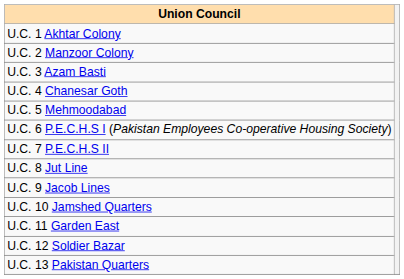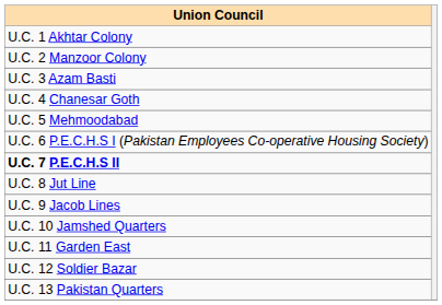 <table class="sortable wikitable" align="left">
 <tr>
 <th style="background:#ffdead;"><strong>Union Council</strong></th>
 <th rowspan=14 style="border-bottom:1px solid grey;" valign="top" class="unsortable"><br><br></th>
 </tr>
 <tr>
 <td style="border-bottom:1px solid grey;">U.C. 1 <a href='#'>Akhtar Colony</a></td>
 </tr>
 <tr>
 <td style="border-bottom:1px solid grey;">U.C. 2 <a href='#'>Manzoor Colony</a></td>
 </tr>
 <tr>
 <td style="border-bottom:1px solid grey;">U.C. 3 <a href='#'>Azam Basti</a></td>
 </tr>
 <tr>
 <td style="border-bottom:1px solid grey;">U.C. 4 <a href='#'>Chanesar Goth</a></td>
 </tr>
 <tr>
 <td style="border-bottom:1px solid grey;">U.C. 5 <a href='#'>Mehmoodabad</a></td>
 </tr>
 <tr>
 <td style="border-bottom:1px solid grey;">U.C. 6 <a href='#'>P.E.C.H.S I</a> (<em>Pakistan Employees Co-operative Housing Society</em>)</td>
 </tr>
 <tr>
-<td style="border-bottom:1px solid grey;">U.C. 7 <a href='#'>P.E.C.H.S II</a></td>
+<td style="border-bottom:1px solid grey;"><strong>U.C. 7 <a href='#'>P.E.C.H.S II</a></strong></td>
 </tr>
 <tr>
 <td style="border-bottom:1px solid grey;">U.C. 8 <a href='#'>Jut Line</a></td>
 </tr>
 <tr>
 <td style="border-bottom:1px solid grey;">U.C. 9 <a href='#'>Jacob Lines</a></td>
 </tr>
 <tr>
 <td style="border-bottom:1px solid grey;">U.C. 10 <a href='#'>Jamshed Quarters</a></td>
 </tr>
 <tr>
 <td style="border-bottom:1px solid grey;">U.C. 11 <a href='#'>Garden East</a></td>
 </tr>
 <tr>
 <td style="border-bottom:1px solid grey;">U.C. 12 <a href='#'>Soldier Bazar</a></td>
 </tr>
 <tr>
 <td style="border-bottom:1px solid grey;">U.C. 13 <a href='#'>Pakistan Quarters</a></td>
 </tr>
 </table>
